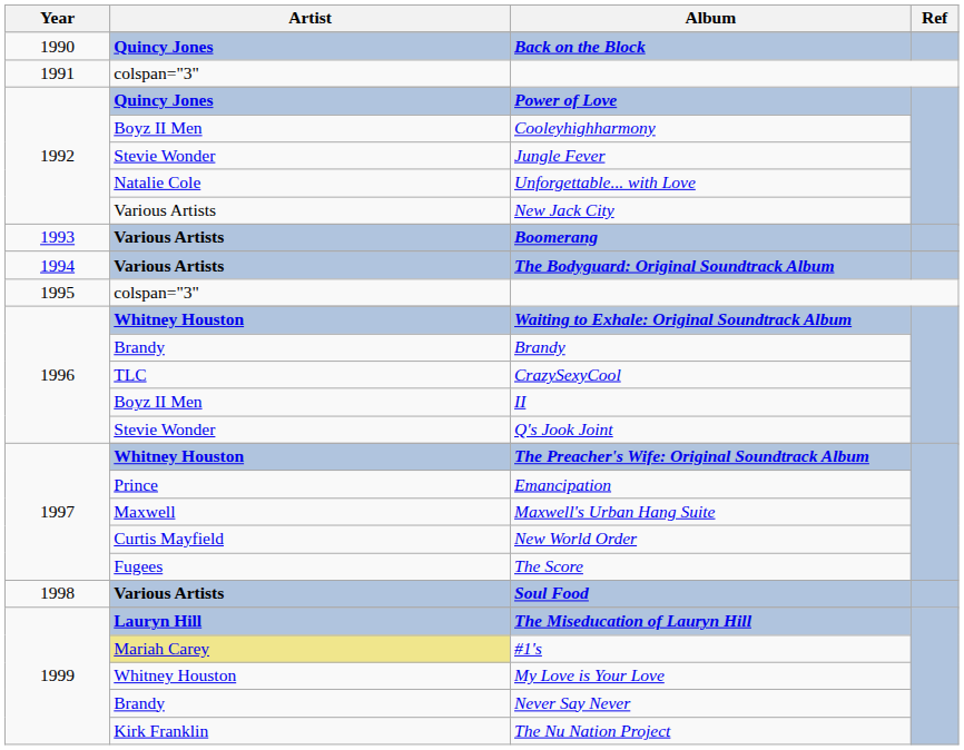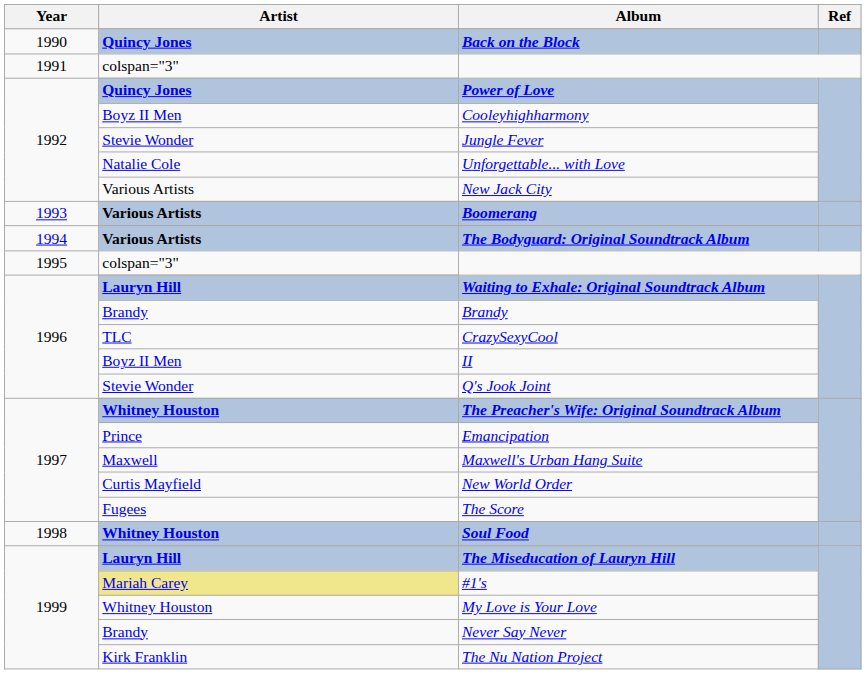 <table class="wikitable" style="width:100%;">
 <tr style="background:#bebebe;">
 <th style="width:11%;">Year</th>
 <th style="width:42%;">Artist</th>
 <th style="width:42%;">Album</th>
 <th style="width:5%;">Ref</th>
 </tr>
 <tr>
 <td rowspan="2" align="center">1990</td>
 </tr>
 <tr style="background:#B0C4DE">
 <td><strong><a href='#'>Quincy Jones</a></strong></td>
 <td><strong><em><a href='#'>Back on the Block</a></em></strong></td>
 <td align="center"></td>
 </tr>
 <tr>
 <td align="center">1991</td>
 <td>colspan="3" </td>
 </tr>
 <tr>
 <td rowspan="6" align="center">1992</td>
 </tr>
 <tr style="background:#B0C4DE">
 <td><strong><a href='#'>Quincy Jones</a></strong></td>
 <td><strong><em><a href='#'>Power of Love</a></em></strong></td>
 <td rowspan="6" align="center"></td>
 </tr>
 <tr>
 <td><a href='#'>Boyz II Men</a></td>
 <td><em><a href='#'>Cooleyhighharmony</a></em></td>
 </tr>
 <tr>
 <td><a href='#'>Stevie Wonder</a></td>
 <td><em><a href='#'>Jungle Fever</a></em></td>
 </tr>
 <tr>
 <td><a href='#'>Natalie Cole</a></td>
 <td><em><a href='#'>Unforgettable... with Love</a></em></td>
 </tr>
 <tr>
 <td>Various Artists</td>
 <td><em><a href='#'>New Jack City</a></em></td>
 </tr>
 <tr>
 <td rowspan="2" align="center"><a href='#'>1993</a></td>
 </tr>
 <tr style="background:#B0C4DE">
 <td><strong>Various Artists</strong></td>
 <td><strong><em><a href='#'>Boomerang</a></em></strong></td>
 <td align="center"></td>
 </tr>
 <tr>
 <td rowspan="2" align="center"><a href='#'>1994</a></td>
 </tr>
 <tr style="background:#B0C4DE">
 <td><strong>Various Artists</strong></td>
 <td><strong><em><a href='#'>The Bodyguard: Original Soundtrack Album</a></em></strong></td>
 <td align="center"></td>
 </tr>
 <tr>
 <td align="center">1995</td>
 <td>colspan="3" </td>
 </tr>
 <tr>
 <td rowspan="6" align="center">1996</td>
 </tr>
 <tr style="background:#B0C4DE">
-<td><strong><a href='#'>Whitney Houston</a></strong></td>
+<td><strong><a href='#'>Lauryn Hill</a></strong></td>
 <td><strong><em><a href='#'>Waiting to Exhale: Original Soundtrack Album</a></em></strong></td>
 <td rowspan="6" align="center"></td>
 </tr>
 <tr>
 <td><a href='#'>Brandy</a></td>
 <td><em><a href='#'>Brandy</a></em></td>
 </tr>
 <tr>
 <td><a href='#'>TLC</a></td>
 <td><em><a href='#'>CrazySexyCool</a></em></td>
 </tr>
 <tr>
 <td><a href='#'>Boyz II Men</a></td>
 <td><em><a href='#'>II</a></em></td>
 </tr>
 <tr>
 <td><a href='#'>Stevie Wonder</a></td>
 <td><em><a href='#'>Q's Jook Joint</a></em></td>
 </tr>
 <tr>
 <td rowspan="6" align="center">1997</td>
 </tr>
 <tr style="background:#B0C4DE">
 <td><strong><a href='#'>Whitney Houston</a></strong></td>
 <td><strong><em><a href='#'>The Preacher's Wife: Original Soundtrack Album</a></em></strong></td>
 <td rowspan="6" align="center"></td>
 </tr>
 <tr>
 <td><a href='#'>Prince</a></td>
 <td><em><a href='#'>Emancipation</a></em></td>
 </tr>
 <tr>
 <td><a href='#'>Maxwell</a></td>
 <td><em><a href='#'>Maxwell's Urban Hang Suite</a></em></td>
 </tr>
 <tr>
 <td><a href='#'>Curtis Mayfield</a></td>
 <td><em><a href='#'>New World Order</a></em></td>
 </tr>
 <tr>
 <td><a href='#'>Fugees</a></td>
 <td><em><a href='#'>The Score</a></em></td>
 </tr>
 <tr>
 <td rowspan="2" align="center">1998</td>
 </tr>
 <tr style="background:#B0C4DE">
-<td><strong>Various Artists</strong></td>
+<td><strong><a href='#'>Whitney Houston</a></strong></td>
 <td><strong><em><a href='#'>Soul Food</a></em></strong></td>
 <td rowspan="2" align="center"></td>
 </tr>
 <tr>
 <td rowspan="6" align="center">1999</td>
 </tr>
 <tr style="background:#B0C4DE">
 <td><strong><a href='#'>Lauryn Hill</a></strong></td>
 <td><strong><em><a href='#'>The Miseducation of Lauryn Hill</a></em></strong></td>
 <td rowspan="6" align="center"></td>
 </tr>
 <tr>
 <td style="background: khaki;"><a href='#'>Mariah Carey</a></td>
 <td><em><a href='#'>#1's</a></em></td>
 </tr>
 <tr>
 <td><a href='#'>Whitney Houston</a></td>
 <td><em><a href='#'>My Love is Your Love</a></em></td>
 </tr>
 <tr>
 <td><a href='#'>Brandy</a></td>
 <td><em><a href='#'>Never Say Never</a></em></td>
 </tr>
 <tr>
 <td><a href='#'>Kirk Franklin</a></td>
 <td><em><a href='#'>The Nu Nation Project</a></em></td>
 </tr>
 </table>
